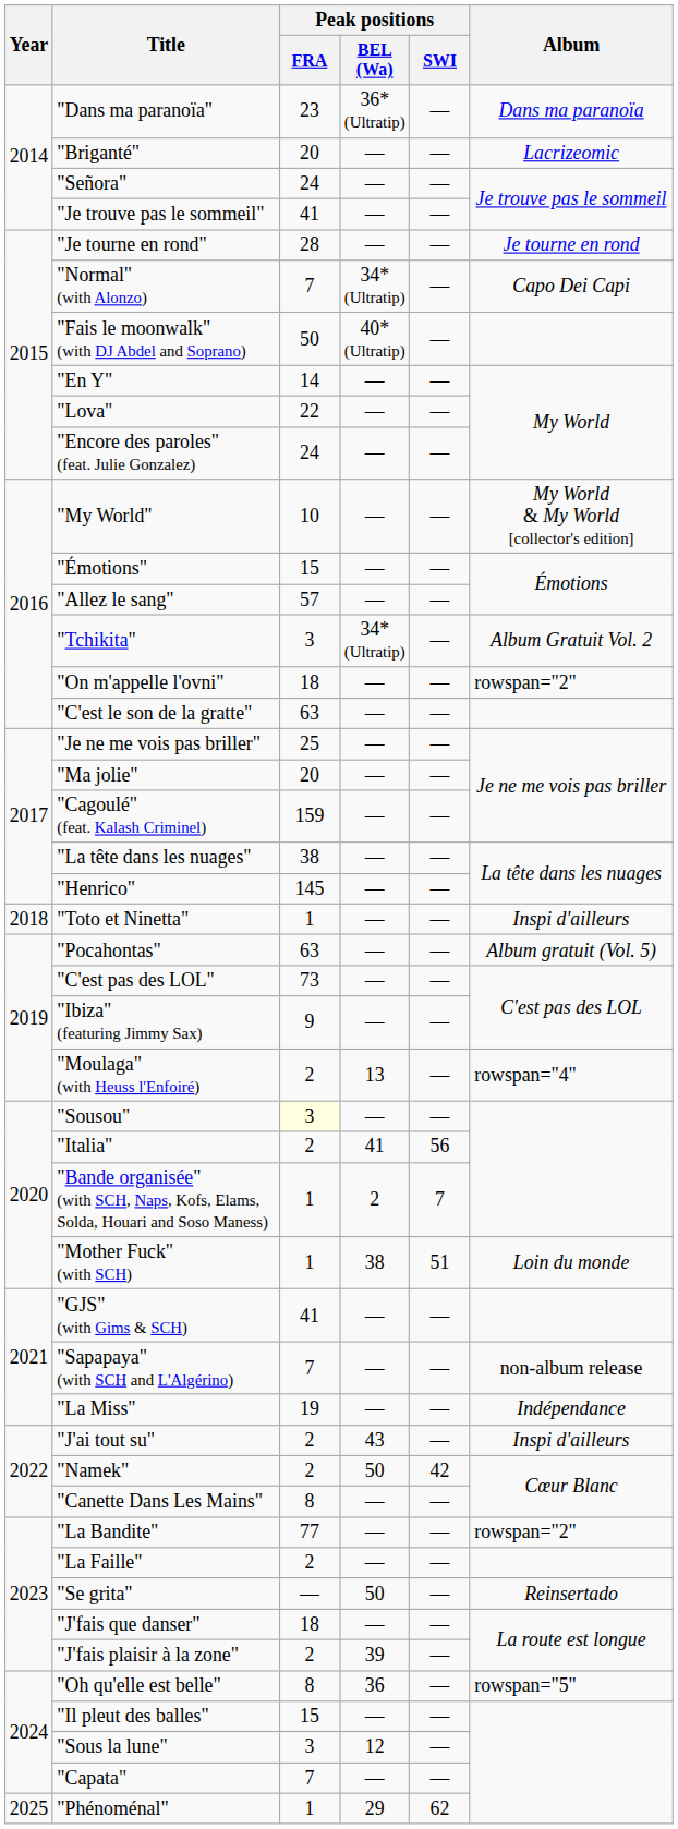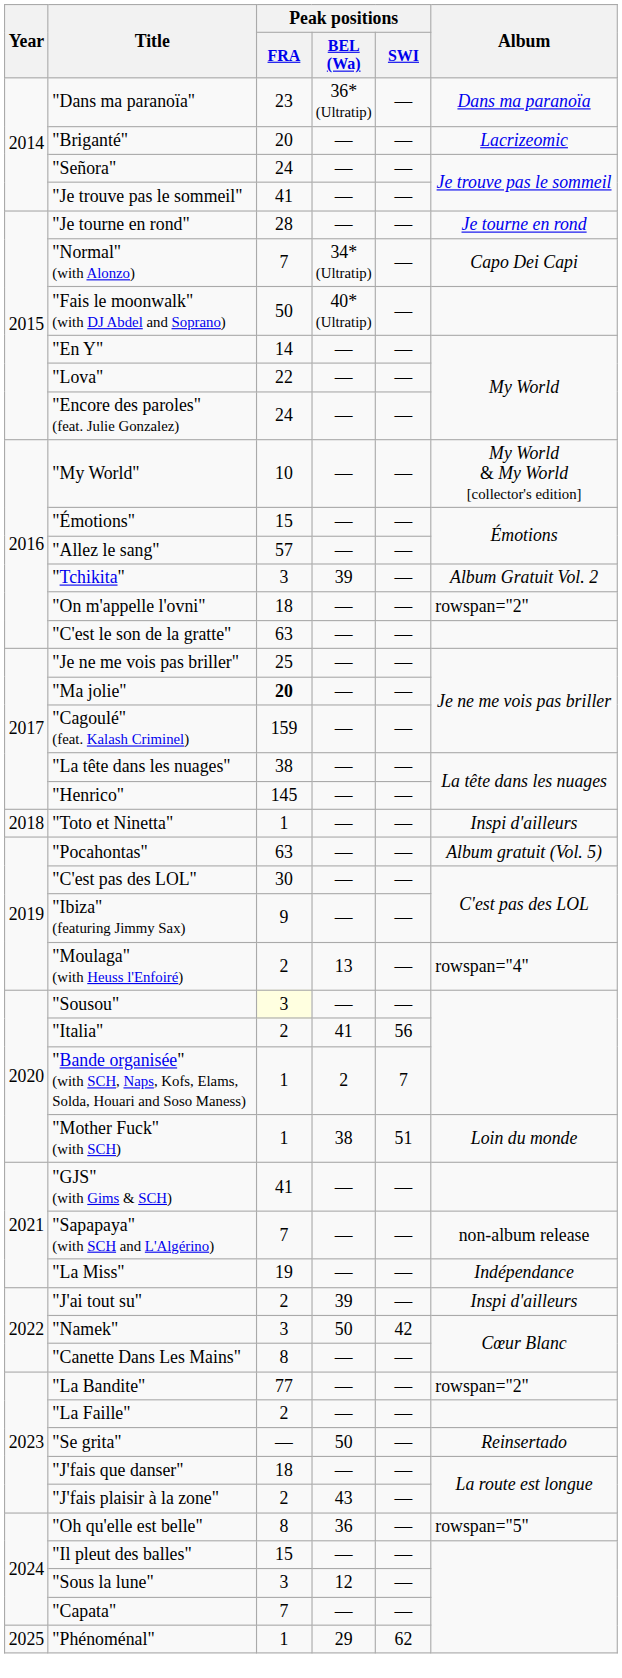 <table class="wikitable">
 <tr>
 <th align="center" rowspan="2" width="10">Year</th>
 <th align="center" rowspan="2" width="180">Title</th>
 <th align="center" colspan="3" width="20">Peak positions</th>
 <th align="center" rowspan="2" width="160">Album</th>
 </tr>
 <tr>
 <th scope="col" style="width:3em;font-size:90%;"><a href='#'>FRA</a><br></th>
 <th scope="col" style="width:3em;font-size:90%;"><a href='#'>BEL <br>(Wa)</a><br></th>
 <th scope="col" style="width:3em;font-size:90%;"><a href='#'>SWI</a><br></th>
 </tr>
 <tr>
 <td style="text-align:center;" rowspan=4>2014</td>
 <td>"Dans ma paranoïa"</td>
 <td style="text-align:center;">23</td>
 <td style="text-align:center;">36*<br><small>(Ultratip)</small></td>
 <td style="text-align:center;">—</td>
 <td style="text-align:center;"><em><a href='#'>Dans ma paranoïa</a></em></td>
 </tr>
 <tr>
 <td>"Briganté"</td>
 <td style="text-align:center;">20</td>
 <td style="text-align:center;">—</td>
 <td style="text-align:center;">—</td>
 <td style="text-align:center;"><em><a href='#'>Lacrizeomic</a></em></td>
 </tr>
 <tr>
 <td>"Señora"</td>
 <td style="text-align:center;">24</td>
 <td style="text-align:center;">—</td>
 <td style="text-align:center;">—</td>
 <td style="text-align:center;" rowspan=2><em><a href='#'>Je trouve pas le sommeil</a></em></td>
 </tr>
 <tr>
 <td>"Je trouve pas le sommeil"</td>
 <td style="text-align:center;">41</td>
 <td style="text-align:center;">—</td>
 <td style="text-align:center;">—</td>
 </tr>
 <tr>
 <td style="text-align:center;" rowspan=6>2015</td>
 <td>"Je tourne en rond"</td>
 <td style="text-align:center;">28</td>
 <td style="text-align:center;">—</td>
 <td style="text-align:center;">—</td>
 <td style="text-align:center;"><em><a href='#'>Je tourne en rond</a></em></td>
 </tr>
 <tr>
 <td>"Normal"<br><small>(with <a href='#'>Alonzo</a>)</small></td>
 <td style="text-align:center;">7</td>
 <td style="text-align:center;">34*<br><small>(Ultratip)</small></td>
 <td style="text-align:center;">—</td>
 <td style="text-align:center;"><em>Capo Dei Capi</em></td>
 </tr>
 <tr>
 <td>"Fais le moonwalk"<br><small>(with <a href='#'>DJ Abdel</a> and <a href='#'>Soprano</a>)</small></td>
 <td style="text-align:center;">50</td>
 <td style="text-align:center;">40*<br><small>(Ultratip)</small></td>
 <td style="text-align:center;">—</td>
 <td></td>
 </tr>
 <tr>
 <td>"En Y"</td>
 <td style="text-align:center;">14</td>
 <td style="text-align:center;">—</td>
 <td style="text-align:center;">—</td>
 <td style="text-align:center;" rowspan="3"><em>My World</em></td>
 </tr>
 <tr>
 <td>"Lova"</td>
 <td style="text-align:center;">22</td>
 <td style="text-align:center;">—</td>
 <td style="text-align:center;">—</td>
 </tr>
 <tr>
 <td>"Encore des paroles" <br><small>(feat. Julie Gonzalez)</small></td>
 <td style="text-align:center;">24</td>
 <td style="text-align:center;">—</td>
 <td style="text-align:center;">—</td>
 </tr>
 <tr>
 <td style="text-align:center;" rowspan=6>2016</td>
 <td>"My World"</td>
 <td style="text-align:center;">10</td>
 <td style="text-align:center;">—</td>
 <td style="text-align:center;">—</td>
 <td style="text-align:center;"><em>My World</em> <br> & <em>My World</em> <br><small>[collector's edition]</small></td>
 </tr>
 <tr>
 <td>"Émotions"</td>
 <td style="text-align:center;">15</td>
 <td style="text-align:center;">—</td>
 <td style="text-align:center;">—</td>
 <td style="text-align:center;" rowspan=2><em>Émotions</em></td>
 </tr>
 <tr>
 <td>"Allez le sang"</td>
 <td style="text-align:center;">57</td>
 <td style="text-align:center;">—</td>
 <td style="text-align:center;">—</td>
 </tr>
 <tr>
 <td>"<a href='#'>Tchikita</a>"</td>
 <td style="text-align:center;">3</td>
-<td style="text-align:center;">34*<br><small>(Ultratip)</small></td>
+<td style="text-align:center;">39</td>
 <td style="text-align:center;">—</td>
 <td style="text-align:center;"><em>Album Gratuit Vol. 2</em></td>
 </tr>
 <tr>
 <td>"On m'appelle l'ovni"</td>
 <td style="text-align:center;">18</td>
 <td style="text-align:center;">—</td>
 <td style="text-align:center;">—</td>
 <td>rowspan="2" </td>
 </tr>
 <tr>
 <td>"C'est le son de la gratte"</td>
 <td style="text-align:center;">63</td>
 <td style="text-align:center;">—</td>
 <td style="text-align:center;">—</td>
 </tr>
 <tr>
 <td style="text-align:center;" rowspan="5">2017</td>
 <td>"Je ne me vois pas briller"</td>
 <td style="text-align:center;">25</td>
 <td style="text-align:center;">—</td>
 <td style="text-align:center;">—</td>
 <td style="text-align:center;" rowspan="3"><em>Je ne me vois pas briller</em></td>
 </tr>
 <tr>
 <td>"Ma jolie"</td>
-<td style="text-align:center;">20</td>
+<td style="text-align:center;"><strong>20</strong></td>
 <td style="text-align:center;">—</td>
 <td style="text-align:center;">—</td>
 </tr>
 <tr>
 <td>"Cagoulé" <br><small>(feat. <a href='#'>Kalash Criminel</a>)</small></td>
 <td style="text-align:center;">159</td>
 <td style="text-align:center;">—</td>
 <td style="text-align:center;">—</td>
 </tr>
 <tr>
 <td>"La tête dans les nuages"</td>
 <td style="text-align:center;">38</td>
 <td style="text-align:center;">—</td>
 <td style="text-align:center;">—</td>
 <td style="text-align:center;" rowspan="2"><em>La tête dans les nuages</em></td>
 </tr>
 <tr>
 <td>"Henrico"</td>
 <td style="text-align:center;">145</td>
 <td style="text-align:center;">—</td>
 <td style="text-align:center;">—</td>
 </tr>
 <tr>
 <td style="text-align:center;">2018</td>
 <td>"Toto et Ninetta"</td>
 <td style="text-align:center;">1</td>
 <td style="text-align:center;">—</td>
 <td style="text-align:center;">—</td>
 <td style="text-align:center;"><em>Inspi d'ailleurs</em></td>
 </tr>
 <tr>
 <td style="text-align:center;" rowspan="4">2019</td>
 <td>"Pocahontas"</td>
 <td style="text-align:center;">63</td>
 <td style="text-align:center;">—</td>
 <td style="text-align:center;">—</td>
 <td style="text-align:center;"><em>Album gratuit (Vol. 5)</em></td>
 </tr>
 <tr>
 <td>"C'est pas des LOL"</td>
-<td style="text-align:center;">73</td>
+<td style="text-align:center;">30</td>
 <td style="text-align:center;">—</td>
 <td style="text-align:center;">—</td>
 <td style="text-align:center;" rowspan="2"><em>C'est pas des LOL</em></td>
 </tr>
 <tr>
 <td>"Ibiza"<br><small>(featuring Jimmy Sax)</small></td>
 <td style="text-align:center;">9</td>
 <td style="text-align:center;">—</td>
 <td style="text-align:center;">—</td>
 </tr>
 <tr>
 <td>"Moulaga"<br><small>(with <a href='#'>Heuss l'Enfoiré</a>)</small></td>
 <td style="text-align:center;">2</td>
 <td style="text-align:center;">13</td>
 <td style="text-align:center;">—</td>
 <td>rowspan="4" </td>
 </tr>
 <tr>
 <td style="text-align:center;" rowspan="4">2020</td>
 <td>"Sousou"</td>
 <td style="background: lightyellow; text-align:center;">3</td>
 <td style="text-align:center;">—</td>
 <td style="text-align:center;">—</td>
 </tr>
 <tr>
 <td>"Italia"</td>
 <td style="text-align:center;">2</td>
 <td style="text-align:center;">41</td>
 <td style="text-align:center;">56</td>
 </tr>
 <tr>
 <td>"<a href='#'>Bande organisée</a>"<br><small>(with <a href='#'>SCH</a>, <a href='#'>Naps</a>, Kofs, Elams, Solda, Houari and Soso Maness)</small></td>
 <td style="text-align:center;">1</td>
 <td style="text-align:center;">2</td>
 <td style="text-align:center;">7</td>
 </tr>
 <tr>
 <td>"Mother Fuck"<br><small>(with <a href='#'>SCH</a>)</small></td>
 <td style="text-align:center;">1</td>
 <td style="text-align:center;">38</td>
 <td style="text-align:center;">51</td>
 <td style="text-align:center;"><em>Loin du monde</em></td>
 </tr>
 <tr>
 <td style="text-align:center;" rowspan=3>2021</td>
 <td>"GJS"<br><small>(with <a href='#'>Gims</a> & <a href='#'>SCH</a>)</small></td>
 <td style="text-align:center;">41</td>
 <td style="text-align:center;">—</td>
 <td style="text-align:center;">—</td>
 <td style="text-align:center;"></td>
 </tr>
 <tr>
 <td>"Sapapaya"<br><small>(with <a href='#'>SCH</a> and <a href='#'>L'Algérino</a>)</small></td>
 <td style="text-align:center;">7</td>
 <td style="text-align:center;">—</td>
 <td style="text-align:center;">—</td>
 <td style="text-align:center;">non-album release</td>
 </tr>
 <tr>
 <td>"La Miss"</td>
 <td style="text-align:center;">19</td>
 <td style="text-align:center;">—</td>
 <td style="text-align:center;">—</td>
 <td style="text-align:center;"><em>Indépendance</em></td>
 </tr>
 <tr>
 <td style="text-align:center;" rowspan=3>2022</td>
 <td>"J'ai tout su"</td>
 <td style="text-align:center;">2</td>
-<td style="text-align:center;">43</td>
+<td style="text-align:center;">39</td>
 <td style="text-align:center;">—</td>
 <td style="text-align:center;"><em>Inspi d'ailleurs</em></td>
 </tr>
 <tr>
 <td>"Namek"<br></td>
-<td style="text-align:center;">2</td>
+<td style="text-align:center;">3</td>
 <td style="text-align:center;">50</td>
 <td style="text-align:center;">42</td>
 <td style="text-align:center;" rowspan=2><em>Cœur Blanc</em></td>
 </tr>
 <tr>
 <td>"Canette Dans Les Mains"</td>
 <td style="text-align:center;">8</td>
 <td style="text-align:center;">—</td>
 <td style="text-align:center;">—</td>
 </tr>
 <tr>
 <td style="text-align:center;"rowspan=5>2023</td>
 <td>"La Bandite"</td>
 <td style="text-align:center;">77</td>
 <td style="text-align:center;">—</td>
 <td style="text-align:center;">—</td>
 <td>rowspan="2" </td>
 </tr>
 <tr>
 <td>"La Faille"</td>
 <td style="text-align:center;">2</td>
 <td style="text-align:center;">—</td>
 <td style="text-align:center;">—</td>
 </tr>
 <tr>
 <td>"Se grita"<br></td>
 <td style="text-align:center;">—</td>
 <td style="text-align:center;">50</td>
 <td style="text-align:center;">—</td>
 <td style="text-align:center;"><em>Reinsertado</em></td>
 </tr>
 <tr>
 <td>"J'fais que danser"</td>
 <td style="text-align:center;">18</td>
 <td style="text-align:center;">—</td>
 <td style="text-align:center;">—</td>
 <td style="text-align:center;" rowspan="2"><em>La route est longue</em></td>
 </tr>
 <tr>
 <td>"J'fais plaisir à la zone"<br></td>
 <td style="text-align:center;">2</td>
-<td style="text-align:center;">39</td>
+<td style="text-align:center;">43</td>
 <td style="text-align:center;">—</td>
 </tr>
 <tr>
 <td style="text-align:center;" rowspan=4>2024</td>
 <td>"Oh qu'elle est belle"<br></td>
 <td style="text-align:center;">8</td>
 <td style="text-align:center;">36</td>
 <td style="text-align:center;">—</td>
 <td>rowspan="5" </td>
 </tr>
 <tr>
 <td>"Il pleut des balles"</td>
 <td style="text-align:center;">15</td>
 <td style="text-align:center;">—</td>
 <td style="text-align:center;">—</td>
 </tr>
 <tr>
 <td>"Sous la lune"</td>
 <td style="text-align:center;">3</td>
 <td style="text-align:center;">12</td>
 <td style="text-align:center;">—</td>
 </tr>
 <tr>
 <td>"Capata"</td>
 <td style="text-align:center;">7</td>
 <td style="text-align:center;">—</td>
 <td style="text-align:center;">—</td>
 </tr>
 <tr>
 <td>2025</td>
 <td>"Phénoménal"</td>
 <td style="text-align:center;">1</td>
 <td style="text-align:center;">29</td>
 <td style="text-align:center;">62</td>
 </tr>
 </table>
